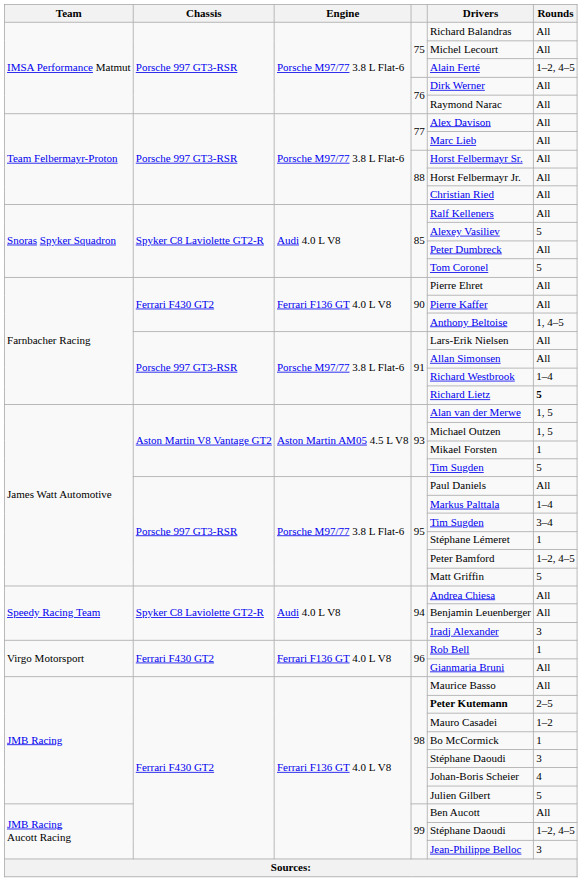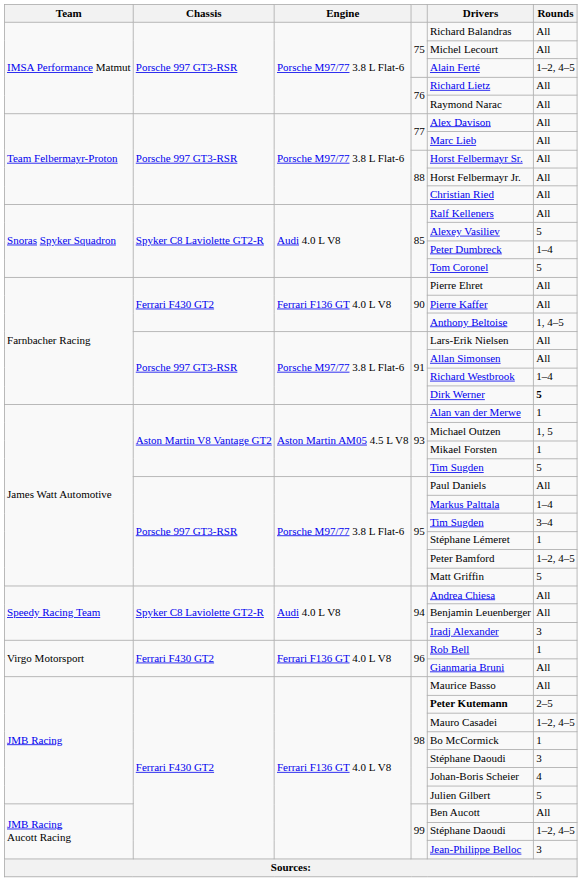 <table class="wikitable" style="font-size: 85%">
 <tr>
 <th>Team</th>
 <th>Chassis</th>
 <th>Engine</th>
 <th></th>
 <th>Drivers</th>
 <th>Rounds</th>
 </tr>
 <tr>
 <td rowspan="5"> <a href='#'>IMSA Performance</a> Matmut</td>
 <td rowspan="5"><a href='#'>Porsche 997 GT3-RSR</a></td>
 <td rowspan="5"><a href='#'>Porsche M97/77</a> 3.8 L Flat-6</td>
 <td rowspan="3" align="center">75</td>
 <td> Richard Balandras</td>
 <td>All</td>
 </tr>
 <tr>
 <td> Michel Lecourt</td>
 <td>All</td>
 </tr>
 <tr>
 <td> <a href='#'>Alain Ferté</a></td>
 <td>1–2, 4–5</td>
 </tr>
 <tr>
 <td rowspan="2" align="center">76</td>
-<td> <a href='#'>Dirk Werner</a></td>
+<td> <a href='#'>Richard Lietz</a></td>
 <td>All</td>
 </tr>
 <tr>
 <td> Raymond Narac</td>
 <td>All</td>
 </tr>
 <tr>
 <td rowspan="5"> <a href='#'>Team Felbermayr-Proton</a></td>
 <td rowspan="5"><a href='#'>Porsche 997 GT3-RSR</a></td>
 <td rowspan="5"><a href='#'>Porsche M97/77</a> 3.8 L Flat-6</td>
 <td rowspan="2" align="center">77</td>
 <td> <a href='#'>Alex Davison</a></td>
 <td>All</td>
 </tr>
 <tr>
 <td> <a href='#'>Marc Lieb</a></td>
 <td>All</td>
 </tr>
 <tr>
 <td rowspan="3" align="center">88</td>
 <td> <a href='#'>Horst Felbermayr Sr.</a></td>
 <td>All</td>
 </tr>
 <tr>
 <td> Horst Felbermayr Jr.</td>
 <td>All</td>
 </tr>
 <tr>
 <td> <a href='#'>Christian Ried</a></td>
 <td>All</td>
 </tr>
 <tr>
 <td rowspan="4"> <a href='#'>Snoras</a> <a href='#'>Spyker Squadron</a></td>
 <td rowspan="4"><a href='#'>Spyker C8 Laviolette GT2-R</a></td>
 <td rowspan="4"><a href='#'>Audi</a> 4.0 L V8</td>
 <td rowspan="4">85</td>
 <td> <a href='#'>Ralf Kelleners</a></td>
 <td>All</td>
 </tr>
 <tr>
 <td> <a href='#'>Alexey Vasiliev</a></td>
 <td>5</td>
 </tr>
 <tr>
 <td> <a href='#'>Peter Dumbreck</a></td>
-<td>All</td>
+<td>1–4</td>
 </tr>
 <tr>
 <td> <a href='#'>Tom Coronel</a></td>
 <td>5</td>
 </tr>
 <tr>
 <td rowspan="7"> Farnbacher Racing</td>
 <td rowspan="3"><a href='#'>Ferrari F430 GT2</a></td>
 <td rowspan="3"><a href='#'>Ferrari F136 GT</a> 4.0 L V8</td>
 <td rowspan="3" align="center">90</td>
 <td> Pierre Ehret</td>
 <td>All</td>
 </tr>
 <tr>
 <td> <a href='#'>Pierre Kaffer</a></td>
 <td>All</td>
 </tr>
 <tr>
 <td> <a href='#'>Anthony Beltoise</a></td>
 <td>1, 4–5</td>
 </tr>
 <tr>
 <td rowspan="4"><a href='#'>Porsche 997 GT3-RSR</a></td>
 <td rowspan="4"><a href='#'>Porsche M97/77</a> 3.8 L Flat-6</td>
 <td rowspan="4" align="center">91</td>
 <td> Lars-Erik Nielsen</td>
 <td>All</td>
 </tr>
 <tr>
 <td> <a href='#'>Allan Simonsen</a></td>
 <td>All</td>
 </tr>
 <tr>
 <td> <a href='#'>Richard Westbrook</a></td>
 <td>1–4</td>
 </tr>
 <tr>
-<td> <a href='#'>Richard Lietz</a></td>
+<td> <a href='#'>Dirk Werner</a></td>
 <td><strong>5</strong></td>
 </tr>
 <tr>
 <td rowspan="10"> James Watt Automotive</td>
 <td rowspan="4"><a href='#'>Aston Martin V8 Vantage GT2</a></td>
 <td rowspan="4"><a href='#'>Aston Martin AM05</a> 4.5 L V8</td>
 <td rowspan="4" align="center">93</td>
 <td> <a href='#'>Alan van der Merwe</a></td>
-<td>1, 5</td>
+<td>1</td>
 </tr>
 <tr>
 <td> Michael Outzen</td>
 <td>1, 5</td>
 </tr>
 <tr>
 <td> Mikael Forsten</td>
 <td>1</td>
 </tr>
 <tr>
 <td> <a href='#'>Tim Sugden</a></td>
 <td>5</td>
 </tr>
 <tr>
 <td rowspan="6"><a href='#'>Porsche 997 GT3-RSR</a></td>
 <td rowspan="6"><a href='#'>Porsche M97/77</a> 3.8 L Flat-6</td>
 <td rowspan="6" align="center">95</td>
 <td> Paul Daniels</td>
 <td>All</td>
 </tr>
 <tr>
 <td> <a href='#'>Markus Palttala</a></td>
 <td>1–4</td>
 </tr>
 <tr>
 <td> <a href='#'>Tim Sugden</a></td>
 <td>3–4</td>
 </tr>
 <tr>
 <td> Stéphane Lémeret</td>
 <td>1</td>
 </tr>
 <tr>
 <td> Peter Bamford</td>
 <td>1–2, 4–5</td>
 </tr>
 <tr>
 <td> Matt Griffin</td>
 <td>5</td>
 </tr>
 <tr>
 <td rowspan="3"> <a href='#'>Speedy Racing Team</a></td>
 <td rowspan="3"><a href='#'>Spyker C8 Laviolette GT2-R</a></td>
 <td rowspan="3"><a href='#'>Audi</a> 4.0 L V8</td>
 <td rowspan="3" align="center">94</td>
 <td> <a href='#'>Andrea Chiesa</a></td>
 <td>All</td>
 </tr>
 <tr>
 <td> Benjamin Leuenberger</td>
 <td>All</td>
 </tr>
 <tr>
 <td> <a href='#'>Iradj Alexander</a></td>
 <td>3</td>
 </tr>
 <tr>
 <td rowspan="2"> Virgo Motorsport</td>
 <td rowspan="2"><a href='#'>Ferrari F430 GT2</a></td>
 <td rowspan="2"><a href='#'>Ferrari F136 GT</a> 4.0 L V8</td>
 <td rowspan="2" align="center">96</td>
 <td> <a href='#'>Rob Bell</a></td>
 <td>1</td>
 </tr>
 <tr>
 <td> <a href='#'>Gianmaria Bruni</a></td>
 <td>All</td>
 </tr>
 <tr>
 <td rowspan="7"> <a href='#'>JMB Racing</a></td>
 <td rowspan="10"><a href='#'>Ferrari F430 GT2</a></td>
 <td rowspan="10"><a href='#'>Ferrari F136 GT</a> 4.0 L V8</td>
 <td rowspan="7" align="center">98</td>
 <td> Maurice Basso</td>
 <td>All</td>
 </tr>
 <tr>
 <td><strong> Peter Kutemann</strong></td>
 <td>2–5</td>
 </tr>
 <tr>
 <td> Mauro Casadei</td>
-<td>1–2</td>
+<td>1–2, 4–5</td>
 </tr>
 <tr>
 <td> Bo McCormick</td>
 <td>1</td>
 </tr>
 <tr>
 <td> Stéphane Daoudi</td>
 <td>3</td>
 </tr>
 <tr>
 <td> Johan-Boris Scheier</td>
 <td>4</td>
 </tr>
 <tr>
 <td> Julien Gilbert</td>
 <td>5</td>
 </tr>
 <tr>
 <td rowspan="3"> <a href='#'>JMB Racing</a><br> Aucott Racing</td>
 <td rowspan="3" align="center">99</td>
 <td> Ben Aucott</td>
 <td>All</td>
 </tr>
 <tr>
 <td> Stéphane Daoudi</td>
 <td>1–2, 4–5</td>
 </tr>
 <tr>
 <td> <a href='#'>Jean-Philippe Belloc</a></td>
 <td>3</td>
 </tr>
 <tr>
 <th colspan="6">Sources:</th>
 </tr>
 </table>
